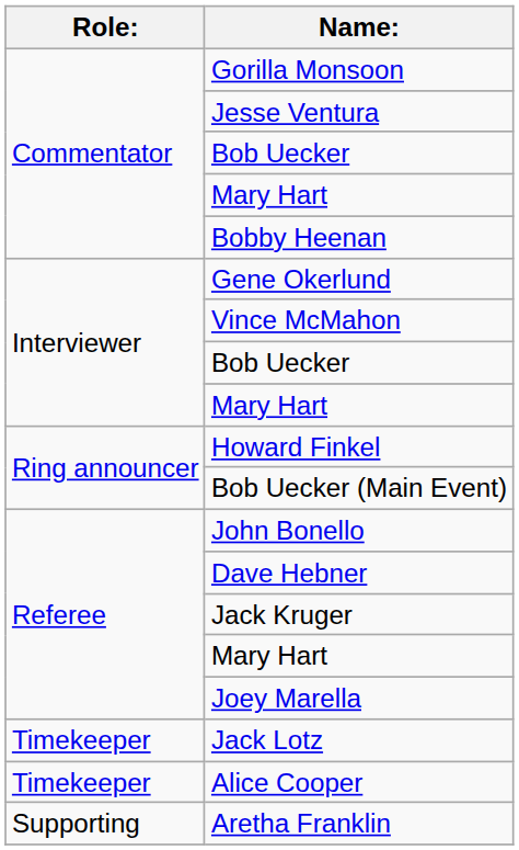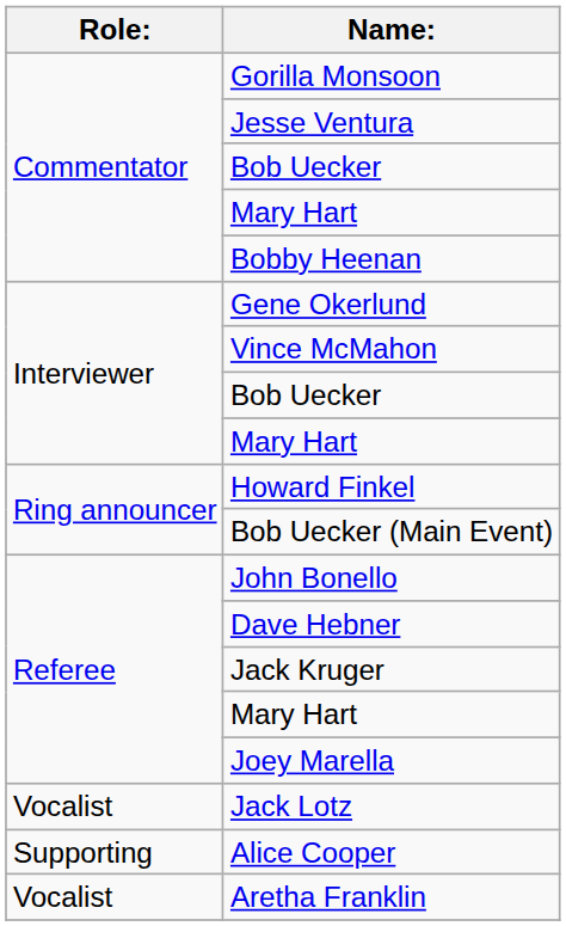 <table class=wikitable style="font-size:90%; margin: 0.5em 0 0.5em 1em; float: right; clear: right;">
 <tr>
 <th>Role:</th>
 <th>Name:</th>
 </tr>
 <tr>
 <td rowspan=5><a href='#'>Commentator</a></td>
 <td><a href='#'>Gorilla Monsoon</a></td>
 </tr>
 <tr>
 <td><a href='#'>Jesse Ventura</a></td>
 </tr>
 <tr>
 <td><a href='#'>Bob Uecker</a><br></td>
 </tr>
 <tr>
 <td><a href='#'>Mary Hart</a><br></td>
 </tr>
 <tr>
 <td><a href='#'>Bobby Heenan</a><br></td>
 </tr>
 <tr>
 <td rowspan=4>Interviewer</td>
 <td><a href='#'>Gene Okerlund</a></td>
 </tr>
 <tr>
 <td><a href='#'>Vince McMahon</a></td>
 </tr>
 <tr>
 <td>Bob Uecker</td>
 </tr>
 <tr>
 <td><a href='#'>Mary Hart</a></td>
 </tr>
 <tr>
 <td rowspan=2><a href='#'>Ring announcer</a></td>
 <td><a href='#'>Howard Finkel</a></td>
 </tr>
 <tr>
 <td>Bob Uecker (Main Event)</td>
 </tr>
 <tr>
 <td rowspan=5><a href='#'>Referee</a></td>
 <td><a href='#'>John Bonello</a></td>
 </tr>
 <tr>
 <td><a href='#'>Dave Hebner</a></td>
 </tr>
 <tr>
 <td>Jack Kruger</td>
 </tr>
 <tr>
 <td>Mary Hart</td>
 </tr>
 <tr>
 <td><a href='#'>Joey Marella</a></td>
 </tr>
 <tr>
-<td><a href='#'>Timekeeper</a></td>
+<td>Vocalist</td>
 <td><a href='#'>Jack Lotz</a></td>
 </tr>
 <tr>
-<td><a href='#'>Timekeeper</a></td>
+<td>Supporting</td>
 <td><a href='#'>Alice Cooper</a><br></td>
 </tr>
 <tr>
-<td>Supporting</td>
+<td>Vocalist</td>
 <td><a href='#'>Aretha Franklin</a></td>
 </tr>
 </table>
